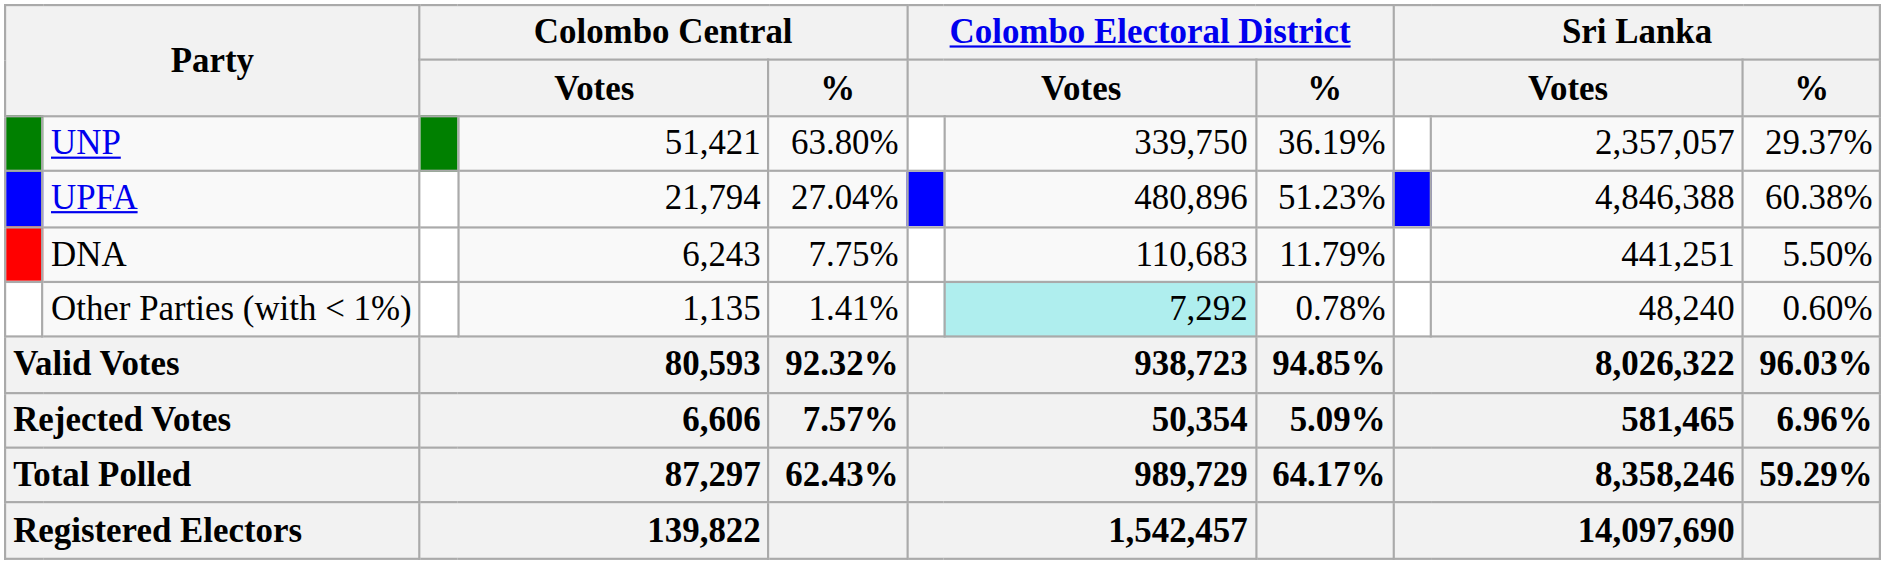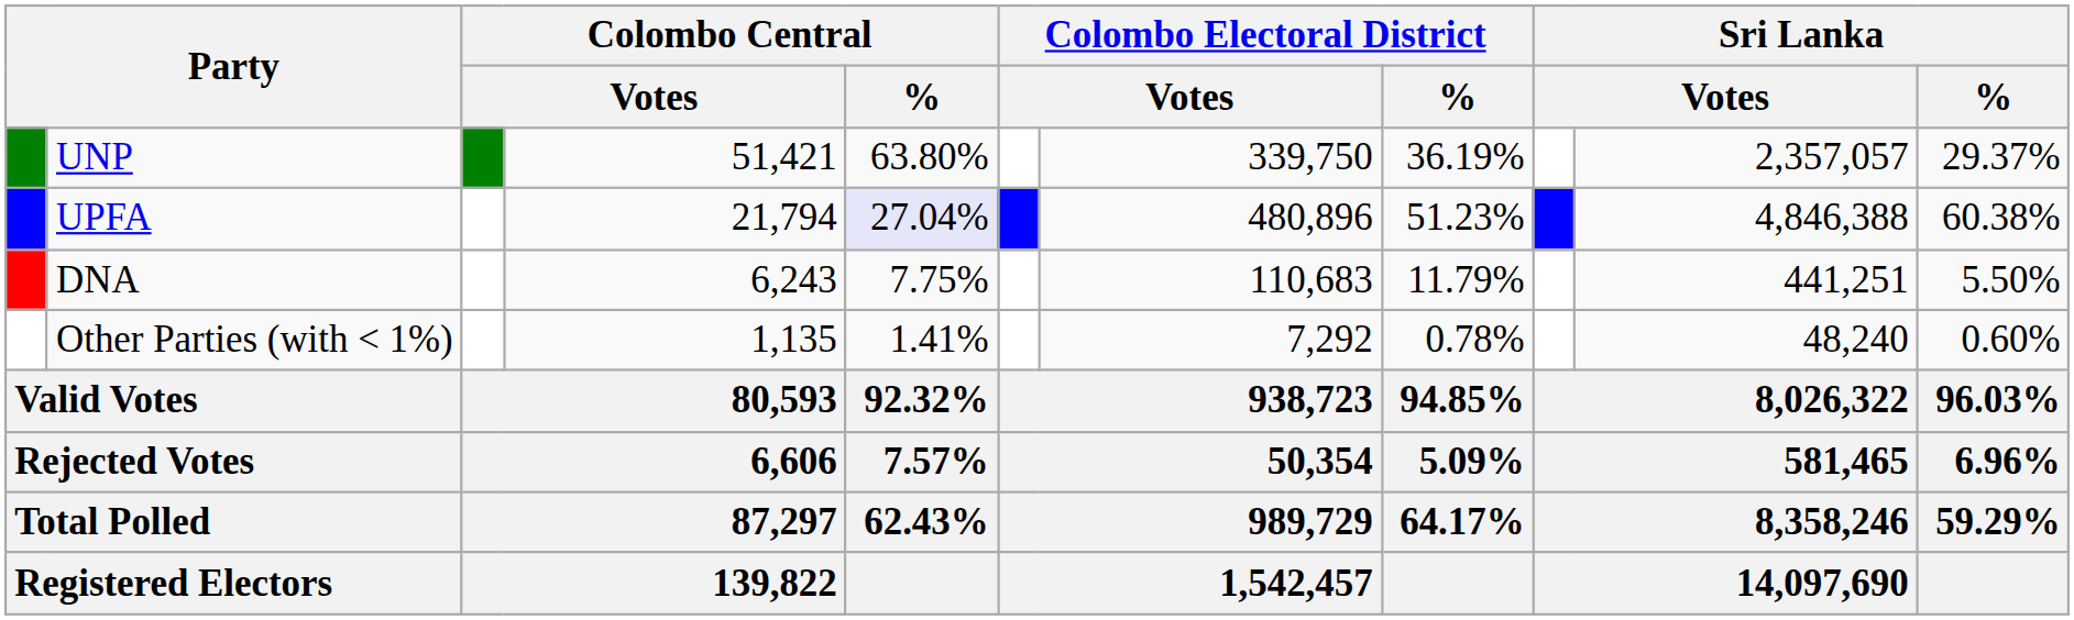 <table class="wikitable">
 <tr>
 <th colspan="2" width="144px"rowspan="2">Party</th>
 <th colspan="3" width="216px">Colombo Central</th>
 <th colspan="3" width="216px"><a href='#'>Colombo Electoral District</a></th>
 <th colspan="3" width="216px">Sri Lanka</th>
 </tr>
 <tr>
 <th colspan="2" width="144px">Votes</th>
 <th>%</th>
 <th colspan="2" width="144px">Votes</th>
 <th>%</th>
 <th colspan="2" width="144px">Votes</th>
 <th>%</th>
 </tr>
 <tr>
 <td style="background-color:green;" width="10px"></td>
 <td style="text-align:left;"><a href='#'>UNP</a></td>
 <td style="background-color:green;" width="10px"></td>
 <td style="text-align:right;">51,421</td>
 <td style="text-align:right;">63.80%</td>
 <td style="background-color:white;" width="10px"></td>
 <td style="text-align:right;">339,750</td>
 <td style="text-align:right;">36.19%</td>
 <td style="background-color:white;" width="10px"></td>
 <td style="text-align:right;">2,357,057</td>
 <td style="text-align:right;">29.37%</td>
 </tr>
 <tr>
 <td style="background-color:blue;" width="10px"></td>
 <td style="text-align:left;"><a href='#'>UPFA</a></td>
 <td style="background-color:white;" width="10px"></td>
 <td style="text-align:right;">21,794</td>
-<td style="text-align:right;">27.04%</td>
+<td style="background: lavender; text-align:right;">27.04%</td>
 <td style="background-color:blue;" width="10px"></td>
 <td style="text-align:right;">480,896</td>
 <td style="text-align:right;">51.23%</td>
 <td style="background-color:blue;" width="10px"></td>
 <td style="text-align:right;">4,846,388</td>
 <td style="text-align:right;">60.38%</td>
 </tr>
 <tr>
 <td style="background-color:red;" width="10px"></td>
 <td style="text-align:left;">DNA</td>
 <td style="background-color:white;" width="10px"></td>
 <td style="text-align:right;">6,243</td>
 <td style="text-align:right;">7.75%</td>
 <td style="background-color:white;" width="10px"></td>
 <td style="text-align:right;">110,683</td>
 <td style="text-align:right;">11.79%</td>
 <td style="background-color:white;" width="10px"></td>
 <td style="text-align:right;">441,251</td>
 <td style="text-align:right;">5.50%</td>
 </tr>
 <tr>
 <td style="background-color:white;" width="10px"></td>
 <td style="text-align:left;">Other Parties (with < 1%)</td>
 <td style="background-color:white;" width="10px"></td>
 <td style="text-align:right;">1,135</td>
 <td style="text-align:right;">1.41%</td>
 <td style="background-color:white;" width="10px"></td>
-<td style="background: paleturquoise; text-align:right;">7,292</td>
+<td style="text-align:right;">7,292</td>
 <td style="text-align:right;">0.78%</td>
 <td style="background-color:white;" width="10px"></td>
 <td style="text-align:right;">48,240</td>
 <td style="text-align:right;">0.60%</td>
 </tr>
 <tr>
 <th colspan="2" width="144px"style="text-align:left;">Valid Votes</th>
 <th style="text-align:right;"colspan="2" width="144px">80,593</th>
 <th style="text-align:right;">92.32%</th>
 <th style="text-align:right;"colspan="2" width="144px">938,723</th>
 <th style="text-align:right;">94.85%</th>
 <th style="text-align:right;"colspan="2" width="144px">8,026,322</th>
 <th style="text-align:right;">96.03%</th>
 </tr>
 <tr>
 <th colspan="2" width="144px"style="text-align:left;">Rejected Votes</th>
 <th style="text-align:right;"colspan="2" width="144px">6,606</th>
 <th style="text-align:right;">7.57%</th>
 <th style="text-align:right;"colspan="2" width="144px">50,354</th>
 <th style="text-align:right;">5.09%</th>
 <th style="text-align:right;"colspan="2" width="144px">581,465</th>
 <th style="text-align:right;">6.96%</th>
 </tr>
 <tr>
 <th colspan="2" width="144px"style="text-align:left;">Total Polled</th>
 <th style="text-align:right;"colspan="2" width="144px">87,297</th>
 <th style="text-align:right;">62.43%</th>
 <th style="text-align:right;"colspan="2" width="144px">989,729</th>
 <th style="text-align:right;">64.17%</th>
 <th style="text-align:right;"colspan="2" width="144px">8,358,246</th>
 <th style="text-align:right;">59.29%</th>
 </tr>
 <tr>
 <th colspan="2" width="144px"style="text-align:left;">Registered Electors</th>
 <th style="text-align:right;"colspan="2" width="144px">139,822</th>
 <th></th>
 <th style="text-align:right;"colspan="2" width="144px">1,542,457</th>
 <th></th>
 <th style="text-align:right;"colspan="2" width="144px">14,097,690</th>
 <th></th>
 </tr>
 </table>
